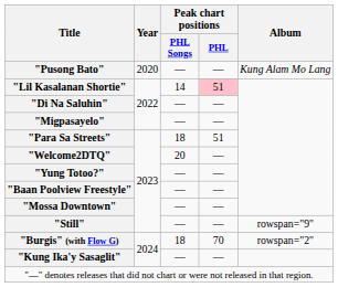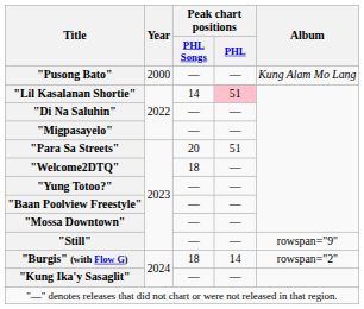 <table class="wikitable plainrowheaders" style="text-align:center;">
 <tr>
 <th scope="col" rowspan="2">Title</th>
 <th scope="col" rowspan="2">Year</th>
 <th scope="col" colspan="2">Peak chart positions</th>
 <th scope="col" rowspan="2">Album</th>
 </tr>
 <tr>
 <th scope="col" style="font-size:90%; width:3.5em"><a href='#'>PHL Songs</a><br></th>
 <th scope="col" style="font-size:90%; width:3.5em"><a href='#'>PHL</a><br></th>
 </tr>
 <tr>
 <th scope="row">"Pusong Bato"<br></th>
-<td>2020</td>
+<td>2000</td>
 <td>—</td>
 <td>—</td>
 <td><em>Kung Alam Mo Lang</em></td>
 </tr>
 <tr>
 <th scope="row">"Lil Kasalanan Shortie"</th>
 <td rowspan="3">2022</td>
 <td>14</td>
 <td style="background: pink;">51</td>
 </tr>
 <tr>
 <th scope="row">"Di Na Saluhin"</th>
 <td>—</td>
 <td>—</td>
 </tr>
 <tr>
 <th scope="row">"Migpasayelo"<br></th>
 <td>—</td>
 <td>—</td>
 </tr>
 <tr>
 <th scope="row">"Para Sa Streets"</th>
 <td rowspan="6">2023</td>
-<td>18</td>
+<td>20</td>
 <td>51</td>
 </tr>
 <tr>
 <th scope="row">"Welcome2DTQ"</th>
-<td>20</td>
+<td>18</td>
 <td>—</td>
 </tr>
 <tr>
 <th scope="row">"Yung Totoo?"<br></th>
 <td>—</td>
 <td>—</td>
 </tr>
 <tr>
 <th scope="row">"Baan Poolview Freestyle"</th>
 <td>—</td>
 <td>—</td>
 </tr>
 <tr>
 <th scope="row">"Mossa Downtown"<br></th>
 <td>—</td>
 <td>—</td>
 </tr>
 <tr>
 <th scope="row">"Still"</th>
 <td>—</td>
 <td>—</td>
 <td>rowspan="9" </td>
 </tr>
 <tr>
 <th scope="row">"Burgis" <small>(with <a href='#'>Flow G</a>)</small></th>
 <td rowspan="2">2024</td>
 <td>18</td>
-<td>70</td>
+<td>14</td>
 <td>rowspan="2" </td>
 </tr>
 <tr>
 <th scope="row">"Kung Ika'y Sasaglit"</th>
 <td>—</td>
 <td>—</td>
 </tr>
 <tr>
 <td colspan="5" style="font-size:90%">"—" denotes releases that did not chart or were not released in that region.</td>
 </tr>
 </table>
